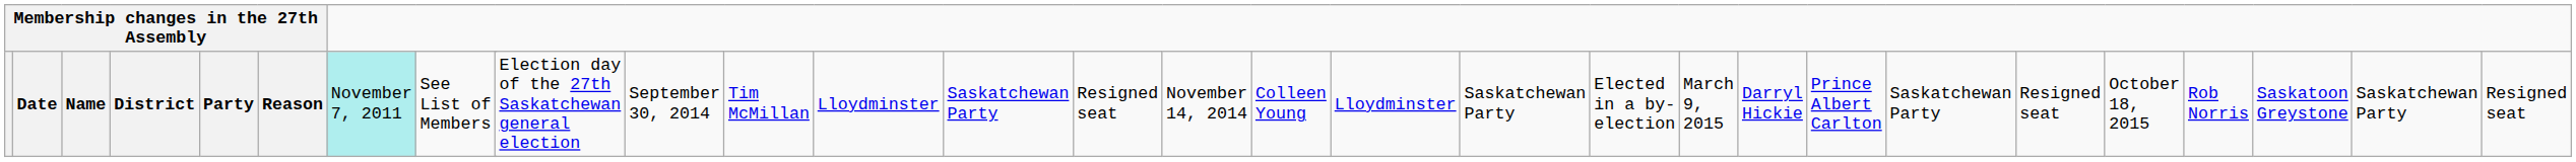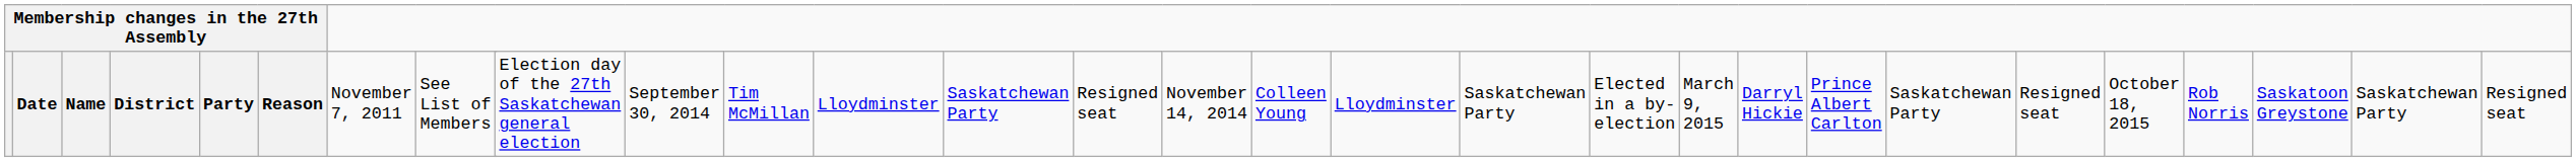 <table class="wikitable">
 <tr>
 <th colspan=6>Membership changes in the 27th Assembly</th>
 </tr>
 <tr>
 <th></th>
 <th>Date</th>
 <th>Name</th>
 <th>District</th>
 <th>Party</th>
 <th>Reason<br></th>
-<td style="background: paleturquoise;">November 7, 2011</td>
+<td>November 7, 2011</td>
 <td colspan=3>See List of Members</td>
 <td>Election day of the <a href='#'>27th Saskatchewan general election</a><br></td>
 <td>September 30, 2014</td>
 <td><a href='#'>Tim McMillan</a></td>
 <td><a href='#'>Lloydminster</a></td>
 <td><a href='#'>Saskatchewan Party</a></td>
 <td>Resigned seat<br></td>
 <td>November 14, 2014</td>
 <td><a href='#'>Colleen Young</a></td>
 <td><a href='#'>Lloydminster</a></td>
 <td>Saskatchewan Party</td>
 <td>Elected in a by-election<br></td>
 <td>March 9, 2015</td>
 <td><a href='#'>Darryl Hickie</a></td>
 <td><a href='#'>Prince Albert Carlton</a></td>
 <td>Saskatchewan Party</td>
 <td>Resigned seat<br></td>
 <td>October 18, 2015</td>
 <td><a href='#'>Rob Norris</a></td>
 <td><a href='#'>Saskatoon Greystone</a></td>
 <td>Saskatchewan Party</td>
 <td>Resigned seat</td>
 </tr>
 </table>
